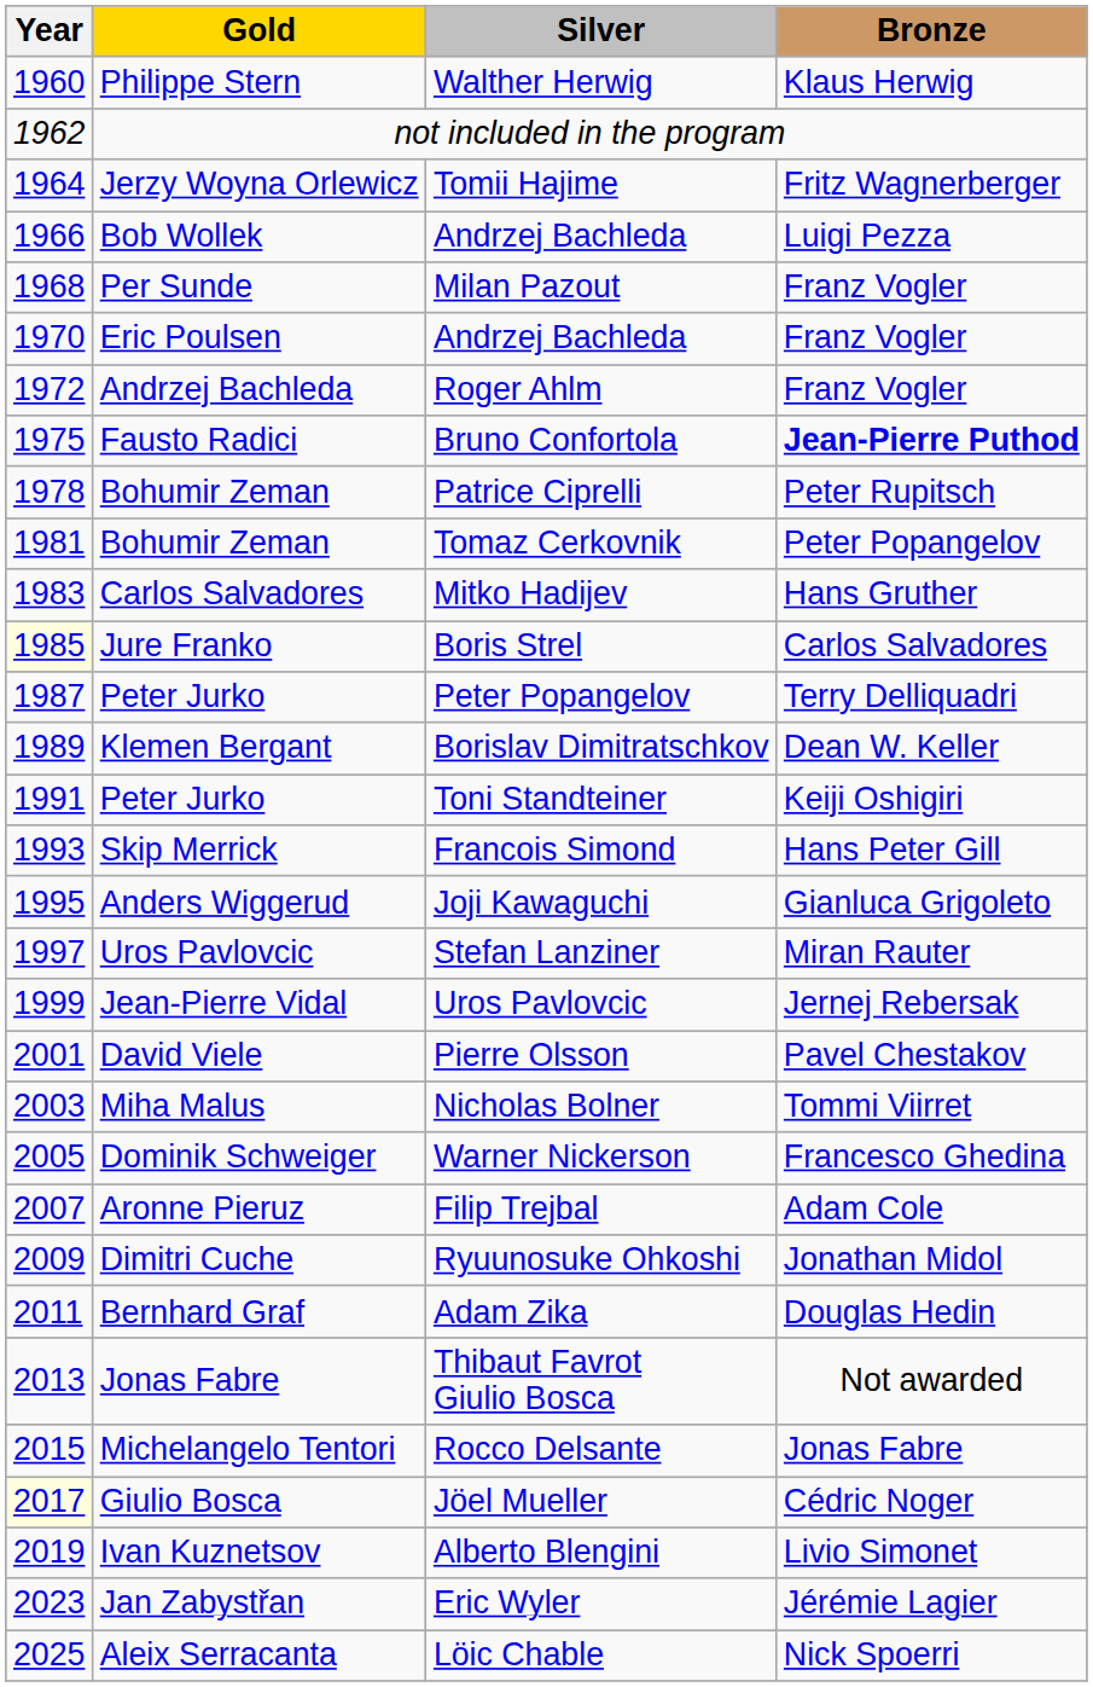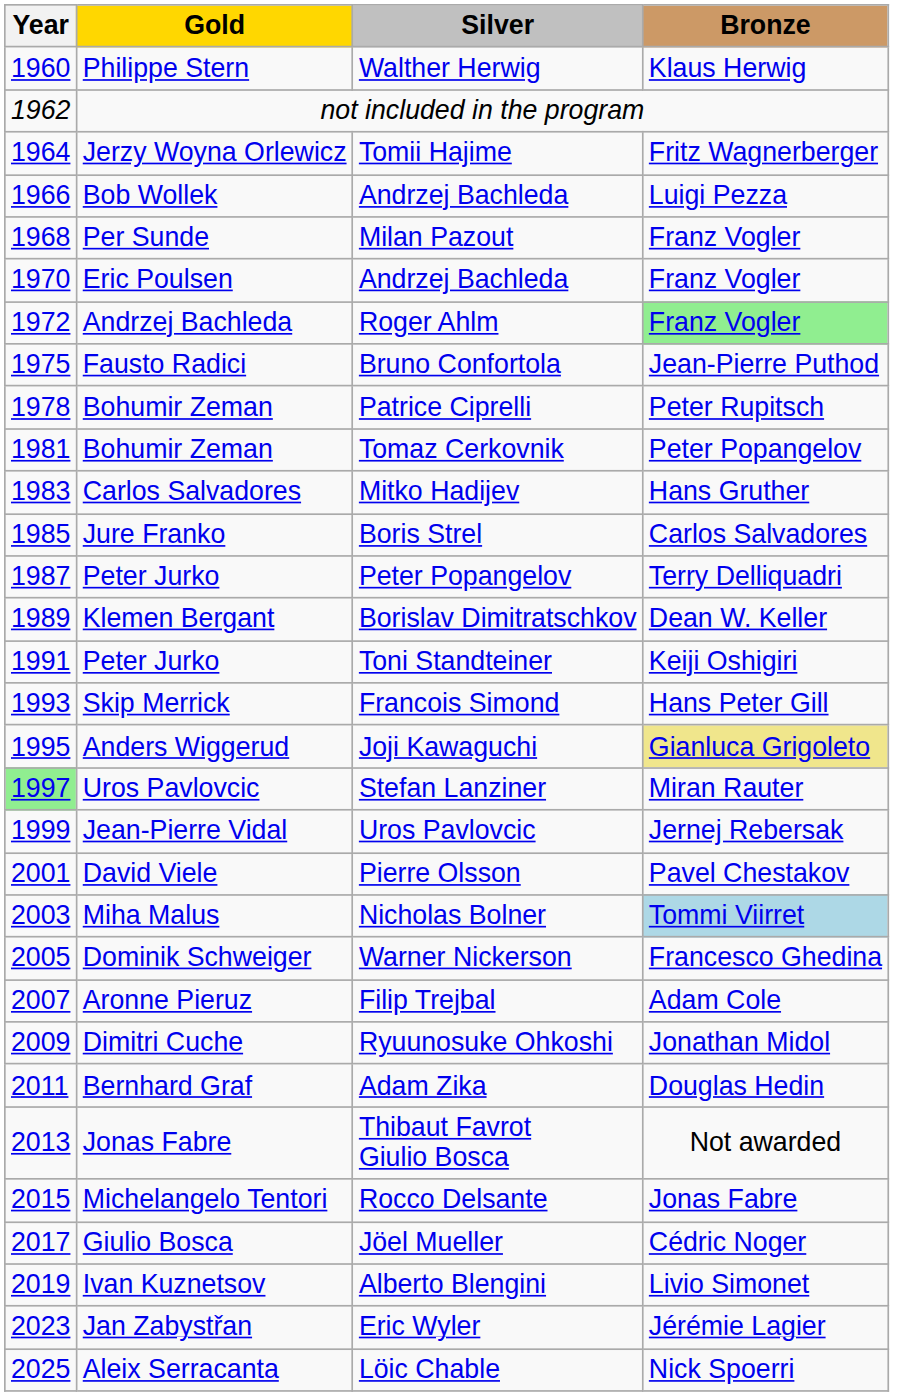 <table class="wikitable">
 <tr>
 <th>Year</th>
 <td align=center bgcolor=gold><strong>Gold</strong></td>
 <td align=center bgcolor=silver><strong>Silver</strong></td>
 <td align=center bgcolor=cc9966><strong>Bronze</strong></td>
 </tr>
 <tr>
 <td><a href='#'>1960</a></td>
 <td> <a href='#'>Philippe Stern</a></td>
 <td> <a href='#'>Walther Herwig</a></td>
 <td> <a href='#'>Klaus Herwig</a></td>
 </tr>
 <tr>
 <td><em>1962</em></td>
 <td colspan=3 align=center><em>not included in the program</em></td>
 </tr>
 <tr>
 <td><a href='#'>1964</a></td>
 <td> <a href='#'>Jerzy Woyna Orlewicz</a></td>
 <td> <a href='#'>Tomii Hajime</a></td>
 <td> <a href='#'>Fritz Wagnerberger</a></td>
 </tr>
 <tr>
 <td><a href='#'>1966</a></td>
 <td> <a href='#'>Bob Wollek</a></td>
 <td> <a href='#'>Andrzej Bachleda</a></td>
 <td> <a href='#'>Luigi Pezza</a></td>
 </tr>
 <tr>
 <td><a href='#'>1968</a></td>
 <td> <a href='#'>Per Sunde</a></td>
 <td> <a href='#'>Milan Pazout</a></td>
 <td> <a href='#'>Franz Vogler</a></td>
 </tr>
 <tr>
 <td><a href='#'>1970</a></td>
 <td> <a href='#'>Eric Poulsen</a></td>
 <td> <a href='#'>Andrzej Bachleda</a></td>
 <td> <a href='#'>Franz Vogler</a></td>
 </tr>
 <tr>
 <td><a href='#'>1972</a></td>
 <td> <a href='#'>Andrzej Bachleda</a></td>
 <td> <a href='#'>Roger Ahlm</a></td>
-<td> <a href='#'>Franz Vogler</a></td>
+<td style="background: lightgreen;"> <a href='#'>Franz Vogler</a></td>
 </tr>
 <tr>
 <td><a href='#'>1975</a></td>
 <td> <a href='#'>Fausto Radici</a></td>
 <td> <a href='#'>Bruno Confortola</a></td>
-<td><strong> <a href='#'>Jean-Pierre Puthod</a></strong></td>
+<td> <a href='#'>Jean-Pierre Puthod</a></td>
 </tr>
 <tr>
 <td><a href='#'>1978</a></td>
 <td> <a href='#'>Bohumir Zeman</a></td>
 <td> <a href='#'>Patrice Ciprelli</a></td>
 <td> <a href='#'>Peter Rupitsch</a></td>
 </tr>
 <tr>
 <td><a href='#'>1981</a></td>
 <td> <a href='#'>Bohumir Zeman</a></td>
 <td> <a href='#'>Tomaz Cerkovnik</a></td>
 <td> <a href='#'>Peter Popangelov</a></td>
 </tr>
 <tr>
 <td><a href='#'>1983</a></td>
 <td> <a href='#'>Carlos Salvadores</a></td>
 <td> <a href='#'>Mitko Hadijev</a></td>
 <td> <a href='#'>Hans Gruther</a></td>
 </tr>
 <tr>
-<td style="background: lightyellow;"><a href='#'>1985</a></td>
+<td><a href='#'>1985</a></td>
 <td> <a href='#'>Jure Franko</a></td>
 <td> <a href='#'>Boris Strel</a></td>
 <td> <a href='#'>Carlos Salvadores</a></td>
 </tr>
 <tr>
 <td><a href='#'>1987</a></td>
 <td> <a href='#'>Peter Jurko</a></td>
 <td> <a href='#'>Peter Popangelov</a></td>
 <td> <a href='#'>Terry Delliquadri</a></td>
 </tr>
 <tr>
 <td><a href='#'>1989</a></td>
 <td> <a href='#'>Klemen Bergant</a></td>
 <td> <a href='#'>Borislav Dimitratschkov</a></td>
 <td> <a href='#'>Dean W. Keller</a></td>
 </tr>
 <tr>
 <td><a href='#'>1991</a></td>
 <td> <a href='#'>Peter Jurko</a></td>
 <td> <a href='#'>Toni Standteiner</a></td>
 <td> <a href='#'>Keiji Oshigiri</a></td>
 </tr>
 <tr>
 <td><a href='#'>1993</a></td>
 <td> <a href='#'>Skip Merrick</a></td>
 <td> <a href='#'>Francois Simond</a></td>
 <td> <a href='#'>Hans Peter Gill</a></td>
 </tr>
 <tr>
 <td><a href='#'>1995</a></td>
 <td> <a href='#'>Anders Wiggerud</a></td>
 <td> <a href='#'>Joji Kawaguchi</a></td>
-<td> <a href='#'>Gianluca Grigoleto</a></td>
+<td style="background: khaki;"> <a href='#'>Gianluca Grigoleto</a></td>
 </tr>
 <tr>
-<td><a href='#'>1997</a></td>
+<td style="background: lightgreen;"><a href='#'>1997</a></td>
 <td> <a href='#'>Uros Pavlovcic</a></td>
 <td> <a href='#'>Stefan Lanziner</a></td>
 <td> <a href='#'>Miran Rauter</a></td>
 </tr>
 <tr>
 <td><a href='#'>1999</a></td>
 <td> <a href='#'>Jean-Pierre Vidal</a></td>
 <td> <a href='#'>Uros Pavlovcic</a></td>
 <td> <a href='#'>Jernej Rebersak</a></td>
 </tr>
 <tr>
 <td><a href='#'>2001</a></td>
 <td> <a href='#'>David Viele</a></td>
 <td> <a href='#'>Pierre Olsson</a></td>
 <td> <a href='#'>Pavel Chestakov</a></td>
 </tr>
 <tr>
 <td><a href='#'>2003</a></td>
 <td> <a href='#'>Miha Malus</a></td>
 <td> <a href='#'>Nicholas Bolner</a></td>
-<td> <a href='#'>Tommi Viirret</a></td>
+<td style="background: lightblue;"> <a href='#'>Tommi Viirret</a></td>
 </tr>
 <tr>
 <td><a href='#'>2005</a></td>
 <td> <a href='#'>Dominik Schweiger</a></td>
 <td> <a href='#'>Warner Nickerson</a></td>
 <td> <a href='#'>Francesco Ghedina</a></td>
 </tr>
 <tr>
 <td><a href='#'>2007</a></td>
 <td> <a href='#'>Aronne Pieruz</a></td>
 <td> <a href='#'>Filip Trejbal</a></td>
 <td> <a href='#'>Adam Cole</a></td>
 </tr>
 <tr>
 <td><a href='#'>2009</a></td>
 <td> <a href='#'>Dimitri Cuche</a></td>
 <td> <a href='#'>Ryuunosuke Ohkoshi</a></td>
 <td> <a href='#'>Jonathan Midol</a></td>
 </tr>
 <tr>
 <td><a href='#'>2011</a></td>
 <td> <a href='#'>Bernhard Graf</a></td>
 <td> <a href='#'>Adam Zika</a></td>
 <td> <a href='#'>Douglas Hedin</a></td>
 </tr>
 <tr>
 <td><a href='#'>2013</a></td>
 <td> <a href='#'>Jonas Fabre</a></td>
 <td> <a href='#'>Thibaut Favrot</a><br>  <a href='#'>Giulio Bosca</a></td>
 <td align=center>Not awarded</td>
 </tr>
 <tr>
 <td><a href='#'>2015</a></td>
 <td> <a href='#'>Michelangelo Tentori</a></td>
 <td> <a href='#'>Rocco Delsante</a></td>
 <td> <a href='#'>Jonas Fabre</a></td>
 </tr>
 <tr>
-<td style="background: lightyellow;"><a href='#'>2017</a></td>
+<td><a href='#'>2017</a></td>
 <td> <a href='#'>Giulio Bosca</a></td>
 <td> <a href='#'>Jöel Mueller</a></td>
 <td> <a href='#'>Cédric Noger</a></td>
 </tr>
 <tr>
 <td><a href='#'>2019</a></td>
 <td> <a href='#'>Ivan Kuznetsov</a></td>
 <td> <a href='#'>Alberto Blengini</a></td>
 <td> <a href='#'>Livio Simonet</a></td>
 </tr>
 <tr>
 <td><a href='#'>2023</a></td>
 <td> <a href='#'>Jan Zabystřan</a></td>
 <td> <a href='#'>Eric Wyler</a></td>
 <td> <a href='#'>Jérémie Lagier</a></td>
 </tr>
 <tr>
 <td><a href='#'>2025</a></td>
 <td> <a href='#'>Aleix Serracanta</a></td>
 <td> <a href='#'>Löic Chable</a></td>
 <td> <a href='#'>Nick Spoerri</a></td>
 </tr>
 </table>
